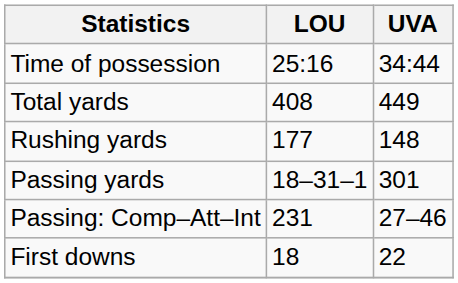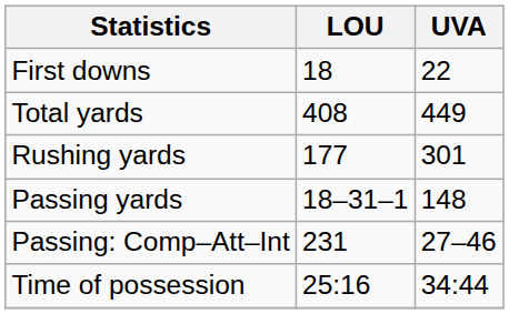 <table class="wikitable" style="float: left;">
 <tr>
 <th>Statistics</th>
 <th>LOU</th>
 <th>UVA</th>
 </tr>
 <tr>
-<td>Time of possession</td>
-<td>25:16</td>
-<td>34:44</td>
+<td>First downs</td>
+<td>18</td>
+<td>22</td>
 </tr>
 <tr>
 <td>Total yards</td>
 <td>408</td>
 <td>449</td>
 </tr>
 <tr>
 <td>Rushing yards</td>
 <td>177</td>
-<td>148</td>
+<td>301</td>
 </tr>
 <tr>
 <td>Passing yards</td>
 <td>18–31–1</td>
-<td>301</td>
+<td>148</td>
 </tr>
 <tr>
 <td>Passing: Comp–Att–Int</td>
 <td>231</td>
 <td>27–46</td>
 </tr>
 <tr>
-<td>First downs</td>
-<td>18</td>
-<td>22</td>
+<td>Time of possession</td>
+<td>25:16</td>
+<td>34:44</td>
 </tr>
 <tr>
 </tr>
 </table>
